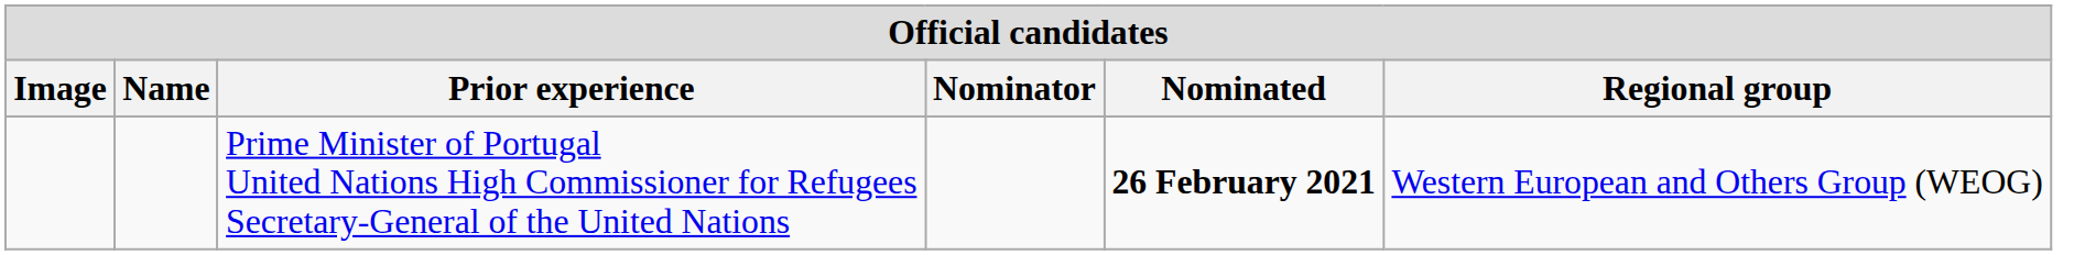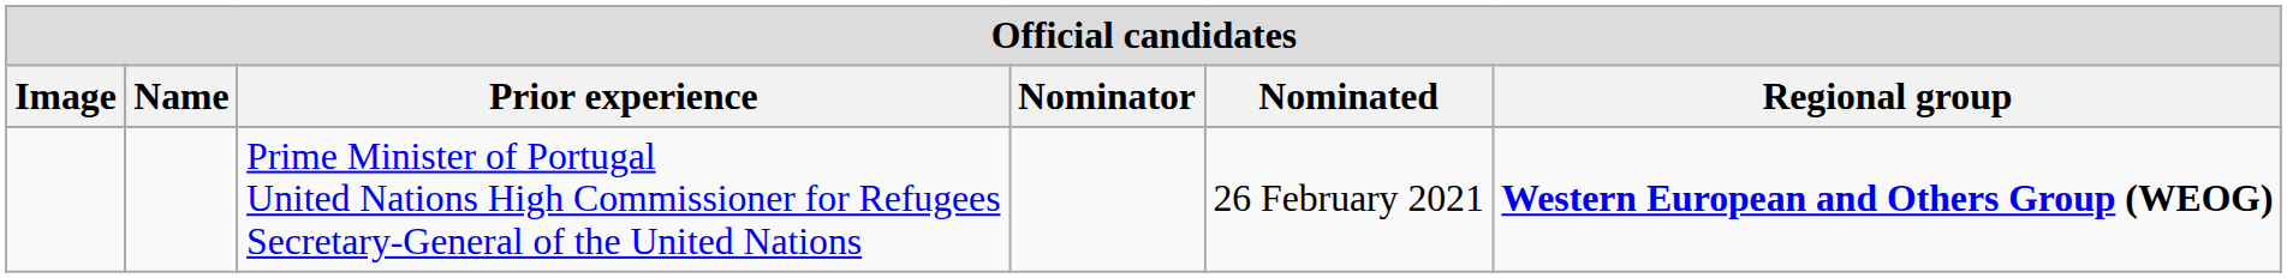 <table class="wikitable sortable">
 <tr>
 <th colspan="7" style="background:#DCDCDC;">Official candidates</th>
 </tr>
 <tr style="font-weight:bold;">
 <th class="unsortable">Image</th>
 <th>Name</th>
 <th>Prior experience</th>
 <th>Nominator</th>
 <th>Nominated</th>
 <th>Regional group</th>
 </tr>
 <tr>
 <td></td>
 <td></td>
 <td><a href='#'>Prime Minister of Portugal</a> <br><a href='#'>United Nations High Commissioner for Refugees</a> <br><a href='#'>Secretary-General of the United Nations</a> </td>
 <td></td>
-<td><strong>26 February 2021</strong></td>
-<td><a href='#'>Western European and Others Group</a> (WEOG)</td>
+<td>26 February 2021</td>
+<td><strong><a href='#'>Western European and Others Group</a> (WEOG)</strong></td>
 </tr>
 </table>
